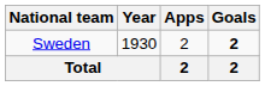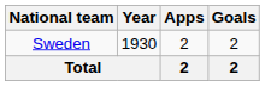 <table class=wikitable style=text-align:center>
 <tr>
 <th>National team</th>
 <th>Year</th>
 <th>Apps</th>
 <th>Goals</th>
 </tr>
 <tr>
 <td rowspan="1"><a href='#'>Sweden</a></td>
 <td>1930</td>
 <td>2</td>
-<td><strong>2</strong></td>
+<td>2</td>
 </tr>
 <tr>
 <th colspan="2">Total</th>
 <th>2</th>
 <th>2</th>
 </tr>
 </table>
